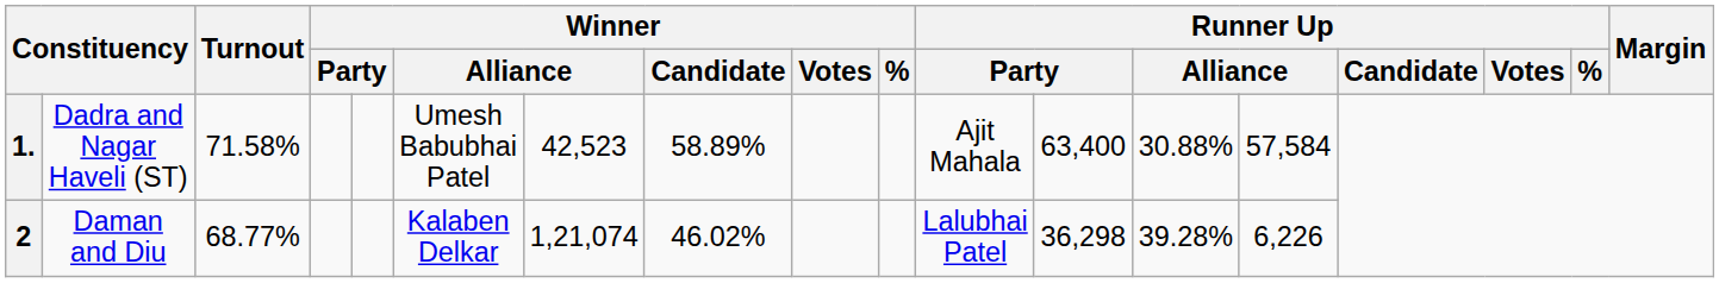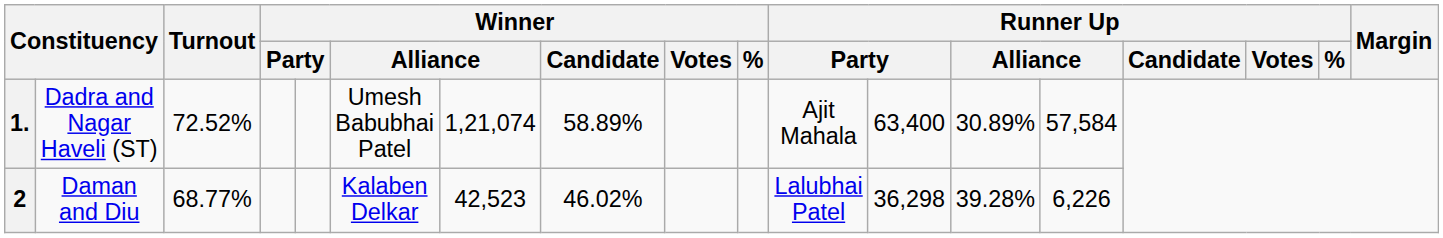 <table class="wikitable sortable" style="text-align:center;">
 <tr>
 <th colspan="2" rowspan="2">Constituency</th>
 <th rowspan="2">Turnout</th>
 <th colspan="7">Winner</th>
 <th colspan="7">Runner Up</th>
 <th rowspan="2">Margin</th>
 </tr>
 <tr>
 <th colspan="2">Party</th>
 <th colspan="2">Alliance</th>
 <th>Candidate</th>
 <th>Votes</th>
 <th>%</th>
 <th colspan="2">Party</th>
 <th colspan="2">Alliance</th>
 <th>Candidate</th>
 <th>Votes</th>
 <th>%</th>
 </tr>
 <tr>
 <th>1.</th>
 <td><a href='#'>Dadra and Nagar Haveli</a> (ST)</td>
-<td>71.58%</td>
+<td>72.52%</td>
 <td></td>
 <td></td>
 <td>Umesh Babubhai Patel</td>
-<td>42,523</td>
+<td>1,21,074</td>
 <td>58.89%</td>
 <td></td>
 <td></td>
 <td>Ajit Mahala</td>
 <td>63,400</td>
-<td>30.88%</td>
+<td>30.89%</td>
 <td style="background:">57,584</td>
 </tr>
 <tr>
 <th>2</th>
 <td><a href='#'> Daman and Diu</a></td>
 <td>68.77%</td>
 <td></td>
 <td></td>
 <td><a href='#'>Kalaben Delkar</a></td>
-<td>1,21,074</td>
+<td>42,523</td>
 <td>46.02%</td>
 <td></td>
 <td></td>
 <td><a href='#'>Lalubhai Patel</a></td>
 <td>36,298</td>
 <td>39.28%</td>
 <td style="background:">6,226</td>
 </tr>
 </table>
